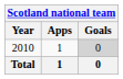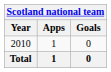 <table class="wikitable" style="text-align:center">
 <tr>
 <th colspan=3><a href='#'>Scotland national team</a></th>
 </tr>
 <tr>
 <th>Year</th>
 <th>Apps</th>
 <th>Goals</th>
 </tr>
 <tr>
 <td>2010</td>
 <td>1</td>
-<td style="background: lightgrey;">0</td>
+<td>0</td>
 </tr>
 <tr>
 <th>Total</th>
 <th>1</th>
 <th>0</th>
 </tr>
 </table>
